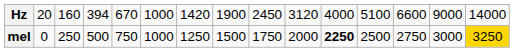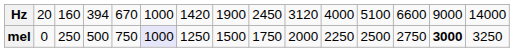 <table class="wikitable" style="text-align:center">
 <tr>
 <th>Hz</th>
 <td>20</td>
 <td>160</td>
 <td>394</td>
 <td>670</td>
 <td>1000</td>
 <td>1420</td>
 <td>1900</td>
 <td>2450</td>
 <td>3120</td>
 <td>4000</td>
 <td>5100</td>
 <td>6600</td>
 <td>9000</td>
 <td>14000</td>
 </tr>
 <tr>
 <th>mel</th>
 <td>0</td>
 <td>250</td>
 <td>500</td>
 <td>750</td>
-<td>1000</td>
+<td style="background: lavender;">1000</td>
 <td>1250</td>
 <td>1500</td>
 <td>1750</td>
 <td>2000</td>
-<td><strong>2250</strong></td>
+<td>2250</td>
 <td>2500</td>
 <td>2750</td>
-<td>3000</td>
-<td style="background: gold;">3250</td>
+<td><strong>3000</strong></td>
+<td>3250</td>
 </tr>
 </table>
